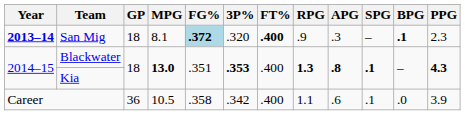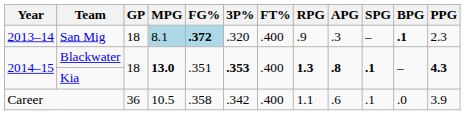 <table class="wikitable sortable">
 <tr>
 <th>Year</th>
 <th>Team</th>
 <th>GP</th>
 <th>MPG</th>
 <th>FG%</th>
 <th>3P%</th>
 <th>FT%</th>
 <th>RPG</th>
 <th>APG</th>
 <th>SPG</th>
 <th>BPG</th>
 <th>PPG</th>
 </tr>
 <tr>
-<td><strong><a href='#'>2013–14</a></strong></td>
+<td><a href='#'>2013–14</a></td>
 <td><a href='#'>San Mig</a></td>
 <td>18</td>
-<td>8.1</td>
+<td style="background: lightblue;">8.1</td>
 <td style="background: lightblue;"><strong>.372</strong></td>
 <td>.320</td>
-<td><strong>.400</strong></td>
+<td>.400</td>
 <td>.9</td>
 <td>.3</td>
 <td>–</td>
 <td><strong>.1</strong></td>
 <td>2.3</td>
 </tr>
 <tr>
 <td rowspan="2"><a href='#'>2014–15</a></td>
 <td><a href='#'>Blackwater</a></td>
 <td rowspan="2">18</td>
 <td rowspan="2"><strong>13.0</strong></td>
 <td rowspan="2">.351</td>
 <td rowspan="2"><strong>.353</strong></td>
 <td rowspan="2">.400</td>
 <td rowspan="2"><strong>1.3</strong></td>
 <td rowspan="2"><strong>.8</strong></td>
 <td rowspan="2"><strong>.1</strong></td>
 <td rowspan="2">–</td>
 <td rowspan="2"><strong>4.3</strong></td>
 </tr>
 <tr>
 <td><a href='#'>Kia</a></td>
 </tr>
 <tr>
 <td colspan="2">Career</td>
 <td>36</td>
 <td>10.5</td>
 <td>.358</td>
 <td>.342</td>
 <td>.400</td>
 <td>1.1</td>
 <td>.6</td>
 <td>.1</td>
 <td>.0</td>
 <td>3.9</td>
 </tr>
 </table>
